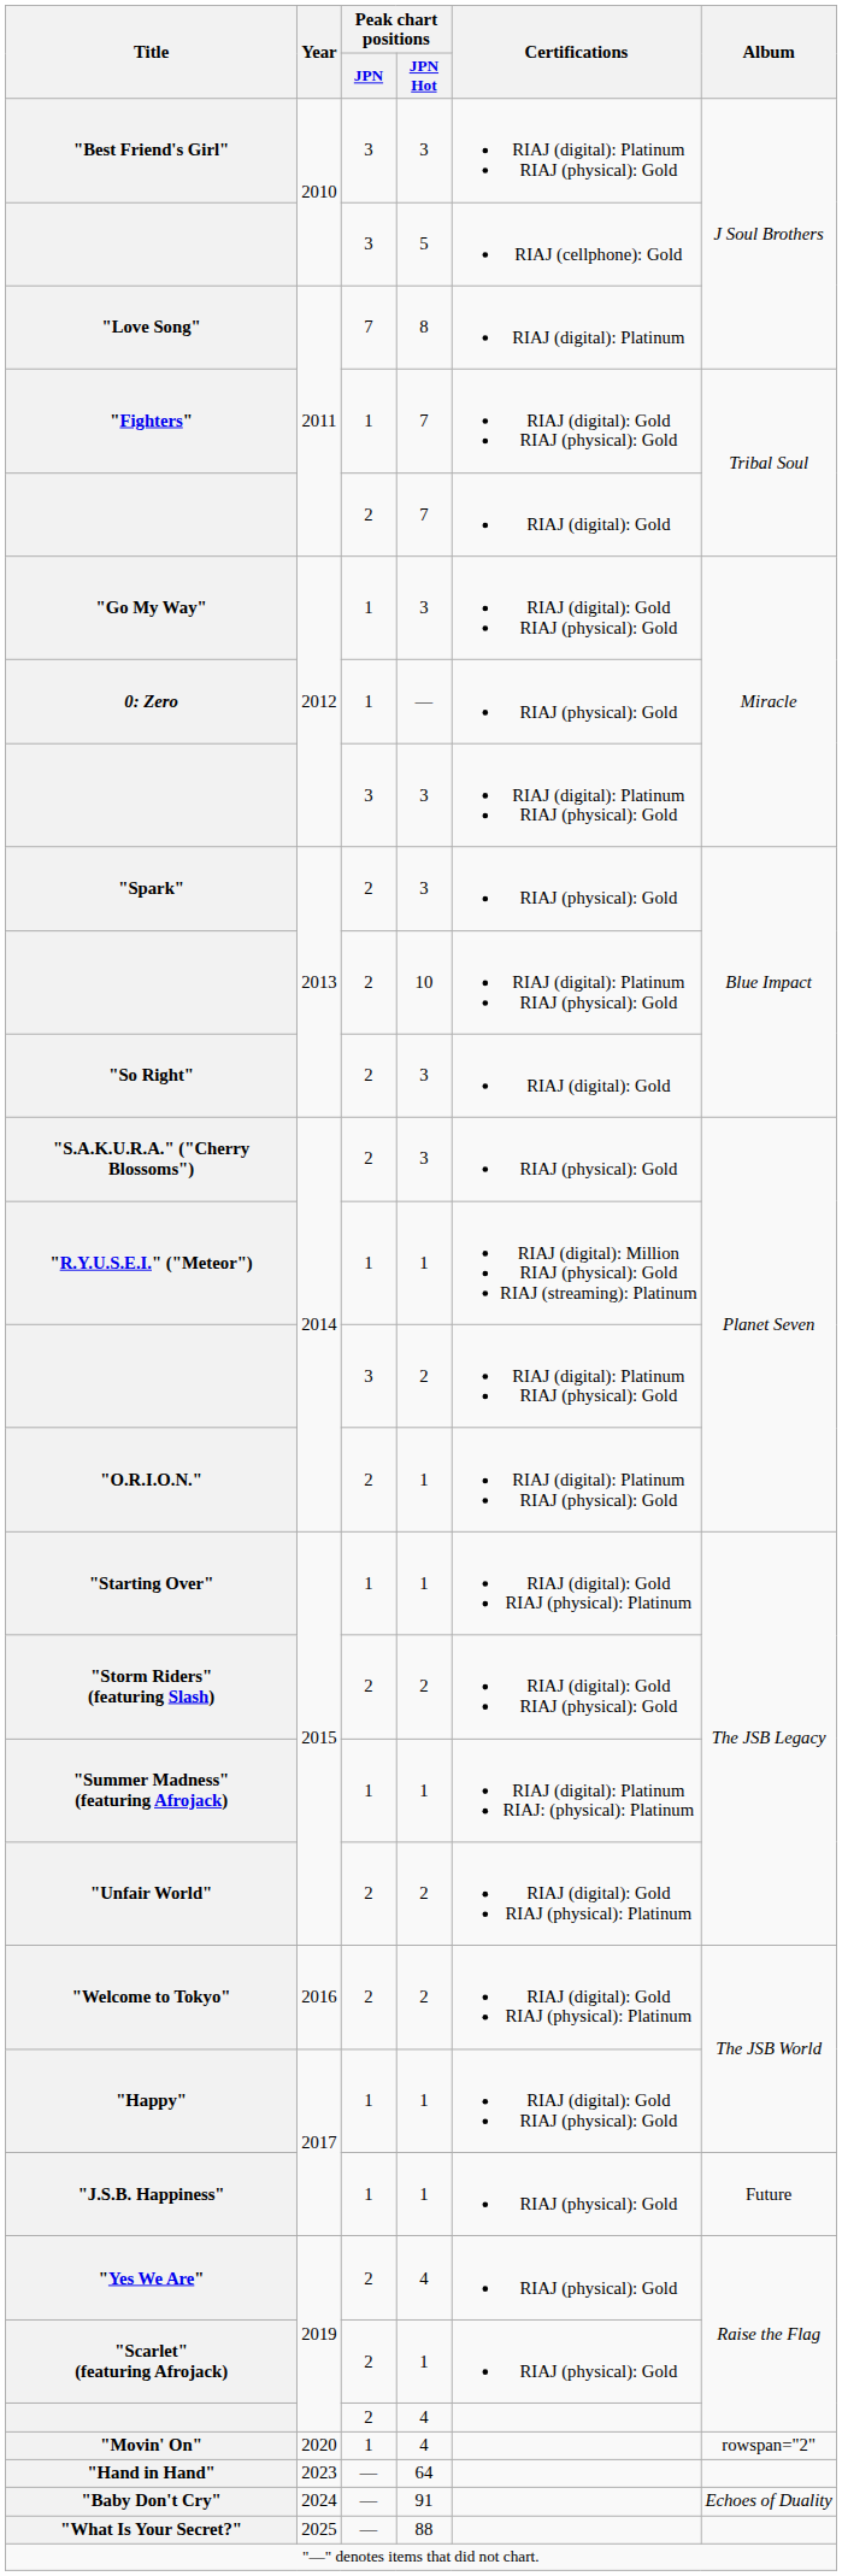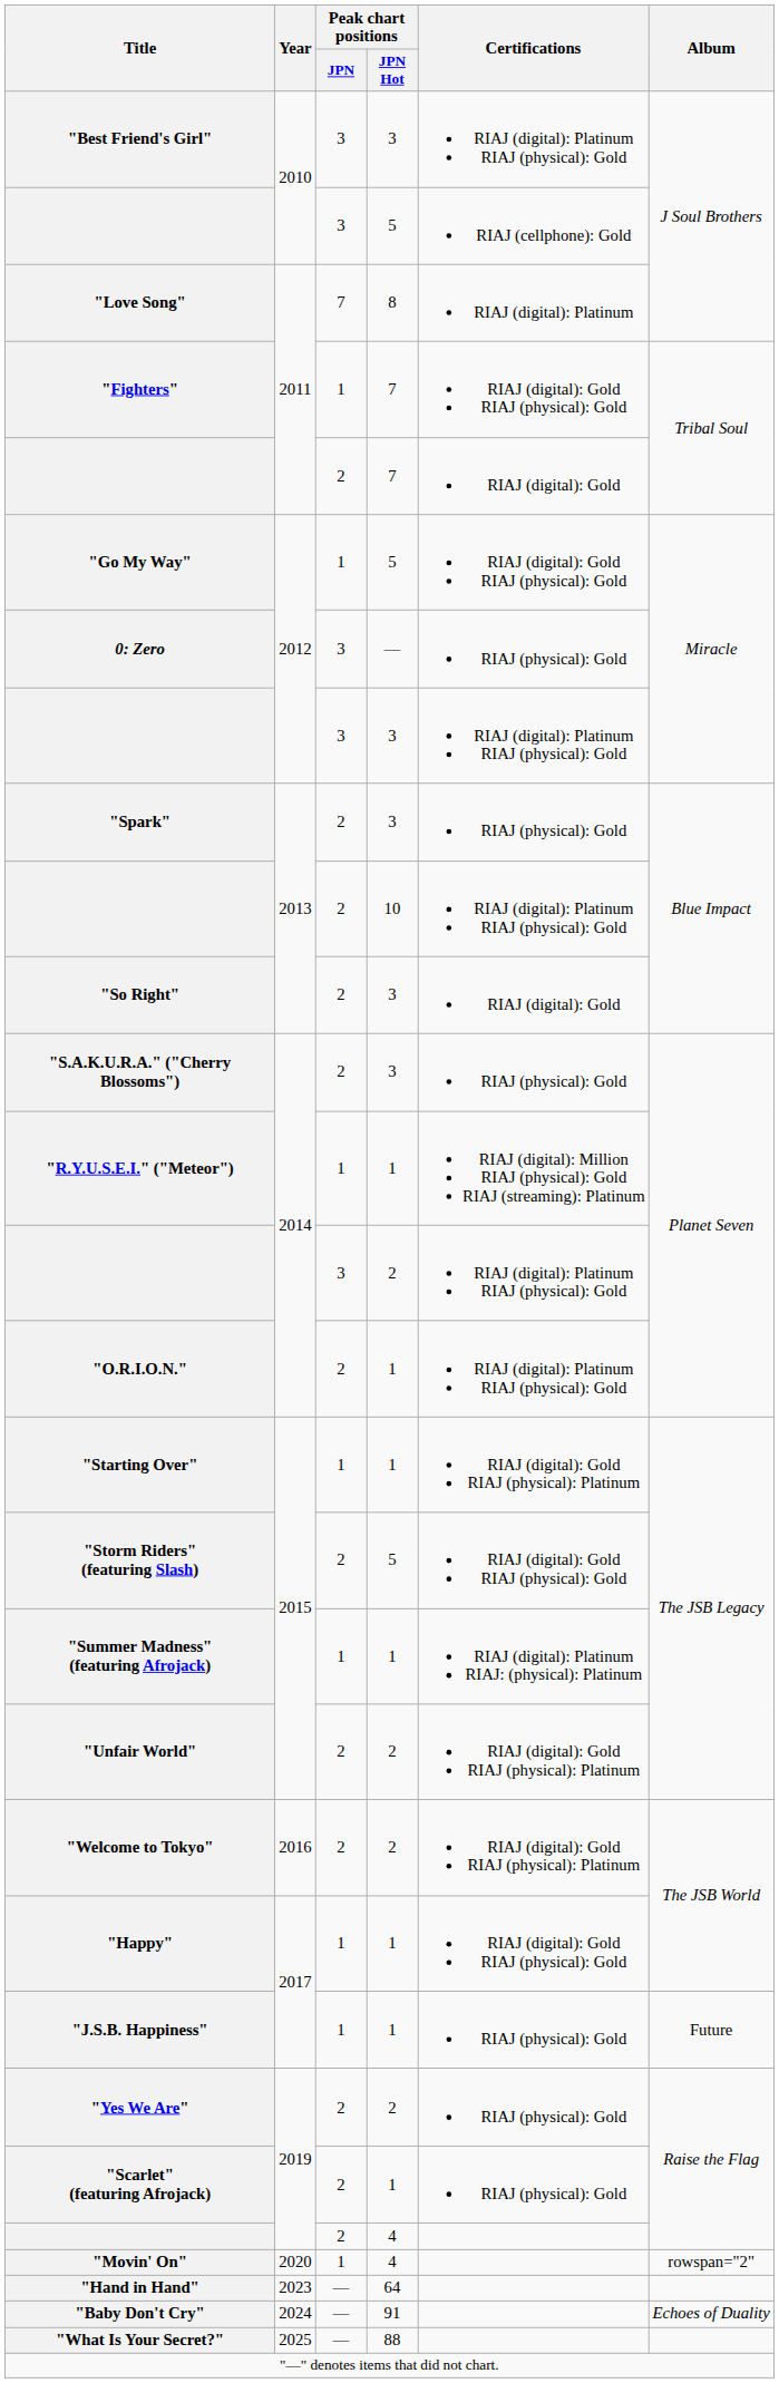 <table class="wikitable plainrowheaders" style="text-align:center;">
 <tr>
 <th scope="col" rowspan="2" style="width:16em;">Title</th>
 <th scope="col" rowspan="2">Year</th>
 <th scope="col" colspan="2">Peak chart positions</th>
 <th scope="col" rowspan="2">Certifications</th>
 <th scope="col" rowspan="2">Album</th>
 </tr>
 <tr>
 <th scope="col" style="width:3em;font-size:90%;"><a href='#'>JPN</a><br></th>
 <th scope="col" style="width:3em;font-size:90%;"><a href='#'>JPN Hot</a><br></th>
 </tr>
 <tr>
 <th scope="row">"Best Friend's Girl"</th>
 <td rowspan="2">2010</td>
 <td>3</td>
 <td>3</td>
 <td><br><ul><li>RIAJ <span>(digital)</span>: Platinum</li><li>RIAJ <span>(physical)</span>: Gold</li></ul></td>
 <td rowspan="3"><em>J Soul Brothers</em></td>
 </tr>
 <tr>
 <th scope="row"></th>
 <td>3</td>
 <td>5</td>
 <td><br><ul><li>RIAJ <span>(cellphone)</span>: Gold</li></ul></td>
 </tr>
 <tr>
 <th scope="row">"Love Song"</th>
 <td rowspan="3">2011</td>
 <td>7</td>
 <td>8</td>
 <td><br><ul><li>RIAJ <span>(digital)</span>: Platinum</li></ul></td>
 </tr>
 <tr>
 <th scope="row">"<a href='#'>Fighters</a>"</th>
 <td>1</td>
 <td>7</td>
 <td><br><ul><li>RIAJ <span>(digital)</span>: Gold</li><li>RIAJ <span>(physical)</span>: Gold</li></ul></td>
 <td rowspan="2"><em>Tribal Soul</em></td>
 </tr>
 <tr>
 <th scope="row"></th>
 <td>2</td>
 <td>7</td>
 <td><br><ul><li>RIAJ <span>(digital)</span>: Gold</li></ul></td>
 </tr>
 <tr>
 <th scope="row">"Go My Way"</th>
 <td rowspan="3">2012</td>
 <td>1</td>
-<td>3</td>
+<td>5</td>
 <td><br><ul><li>RIAJ <span>(digital)</span>: Gold</li><li>RIAJ <span>(physical)</span>: Gold</li></ul></td>
 <td rowspan="3"><em>Miracle</em></td>
 </tr>
 <tr>
 <th scope="row"><em>0: Zero</em> </th>
-<td>1</td>
+<td>3</td>
 <td>—</td>
 <td><br><ul><li>RIAJ <span>(physical)</span>: Gold</li></ul></td>
 </tr>
 <tr>
 <th scope="row"></th>
 <td>3</td>
 <td>3</td>
 <td><br><ul><li>RIAJ <span>(digital)</span>: Platinum</li><li>RIAJ <span>(physical)</span>: Gold</li></ul></td>
 </tr>
 <tr>
 <th scope="row">"Spark"</th>
 <td rowspan="3">2013</td>
 <td>2</td>
 <td>3</td>
 <td><br><ul><li>RIAJ <span>(physical)</span>: Gold</li></ul></td>
 <td rowspan="3"><em>Blue Impact</em></td>
 </tr>
 <tr>
 <th scope="row"></th>
 <td>2</td>
 <td>10</td>
 <td><br><ul><li>RIAJ <span>(digital)</span>: Platinum</li><li>RIAJ <span>(physical)</span>: Gold</li></ul></td>
 </tr>
 <tr>
 <th scope="row">"So Right"</th>
 <td>2</td>
 <td>3</td>
 <td><br><ul><li>RIAJ <span>(digital)</span>: Gold</li></ul></td>
 </tr>
 <tr>
 <th scope="row">"S.A.K.U.R.A." ("Cherry Blossoms")</th>
 <td rowspan="4">2014</td>
 <td>2</td>
 <td>3</td>
 <td><br><ul><li>RIAJ <span>(physical)</span>: Gold</li></ul></td>
 <td rowspan="4"><em>Planet Seven</em></td>
 </tr>
 <tr>
 <th scope="row">"<a href='#'>R.Y.U.S.E.I.</a>" ("Meteor")</th>
 <td>1</td>
 <td>1</td>
 <td><br><ul><li>RIAJ <span>(digital)</span>: Million</li><li>RIAJ <span>(physical)</span>: Gold</li><li>RIAJ <span>(streaming)</span>: Platinum</li></ul></td>
 </tr>
 <tr>
 <th scope="row"></th>
 <td>3</td>
 <td>2</td>
 <td><br><ul><li>RIAJ <span>(digital)</span>: Platinum</li><li>RIAJ <span>(physical)</span>: Gold</li></ul></td>
 </tr>
 <tr>
 <th scope="row">"O.R.I.O.N."</th>
 <td>2</td>
 <td>1</td>
 <td><br><ul><li>RIAJ <span>(digital)</span>: Platinum</li><li>RIAJ <span>(physical)</span>: Gold</li></ul></td>
 </tr>
 <tr>
 <th scope="row">"Starting Over"</th>
 <td rowspan="4">2015</td>
 <td>1</td>
 <td>1</td>
 <td><br><ul><li>RIAJ <span>(digital)</span>: Gold</li><li>RIAJ <span>(physical)</span>: Platinum</li></ul></td>
 <td rowspan="4"><em>The JSB Legacy</em></td>
 </tr>
 <tr>
 <th scope="row">"Storm Riders"<br><span>(featuring <a href='#'>Slash</a>)</span></th>
 <td>2</td>
-<td>2</td>
+<td>5</td>
 <td><br><ul><li>RIAJ <span>(digital)</span>: Gold</li><li>RIAJ <span>(physical)</span>: Gold</li></ul></td>
 </tr>
 <tr>
 <th scope="row">"Summer Madness"<br><span>(featuring <a href='#'>Afrojack</a>)</span></th>
 <td>1</td>
 <td>1</td>
 <td><br><ul><li>RIAJ <span>(digital)</span>: Platinum</li><li>RIAJ: <span>(physical)</span>: Platinum</li></ul></td>
 </tr>
 <tr>
 <th scope="row">"Unfair World"</th>
 <td>2</td>
 <td>2</td>
 <td><br><ul><li>RIAJ <span>(digital)</span>: Gold</li><li>RIAJ <span>(physical)</span>: Platinum</li></ul></td>
 </tr>
 <tr>
 <th scope="row">"Welcome to Tokyo"</th>
 <td>2016</td>
 <td>2</td>
 <td>2</td>
 <td><br><ul><li>RIAJ <span>(digital)</span>: Gold</li><li>RIAJ <span>(physical)</span>: Platinum</li></ul></td>
 <td rowspan="2"><em>The JSB World</em></td>
 </tr>
 <tr>
 <th scope="row">"Happy"</th>
 <td rowspan="2">2017</td>
 <td>1</td>
 <td>1</td>
 <td><br><ul><li>RIAJ <span>(digital)</span>: Gold</li><li>RIAJ <span>(physical)</span>: Gold</li></ul></td>
 </tr>
 <tr>
 <th scope="row">"J.S.B. Happiness"</th>
 <td>1</td>
 <td>1</td>
 <td><br><ul><li>RIAJ <span>(physical)</span>: Gold</li></ul></td>
 <td>Future</td>
 </tr>
 <tr>
 <th scope="row">"<a href='#'>Yes We Are</a>"</th>
 <td rowspan="3">2019</td>
 <td>2</td>
-<td>4</td>
+<td>2</td>
 <td><br><ul><li>RIAJ <span>(physical)</span>: Gold</li></ul></td>
 <td rowspan="3"><em>Raise the Flag</em></td>
 </tr>
 <tr>
 <th scope="row">"Scarlet"<br><span>(featuring Afrojack)</span></th>
 <td>2</td>
 <td>1</td>
 <td><br><ul><li>RIAJ <span>(physical)</span>: Gold</li></ul></td>
 </tr>
 <tr>
 <th scope="row"></th>
 <td>2</td>
 <td>4</td>
 <td></td>
 </tr>
 <tr>
 <th scope="row">"Movin' On"</th>
 <td>2020</td>
 <td>1</td>
 <td>4</td>
 <td></td>
 <td>rowspan="2" </td>
 </tr>
 <tr>
 <th scope="row">"Hand in Hand"</th>
 <td>2023</td>
 <td>—</td>
 <td>64</td>
 <td></td>
 </tr>
 <tr>
 <th scope="row">"Baby Don't Cry"</th>
 <td>2024</td>
 <td>—</td>
 <td>91</td>
 <td></td>
 <td><em>Echoes of Duality</em></td>
 </tr>
 <tr>
 <th scope="row">"What Is Your Secret?"</th>
 <td>2025</td>
 <td>—</td>
 <td>88</td>
 <td></td>
 <td></td>
 </tr>
 <tr>
 <td colspan="12" align="center" style="font-size:90%;">"—" denotes items that did not chart.</td>
 </tr>
 </table>
